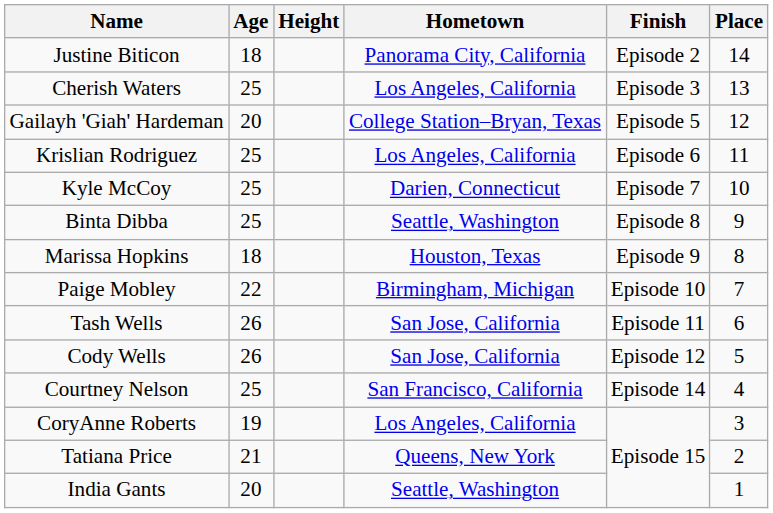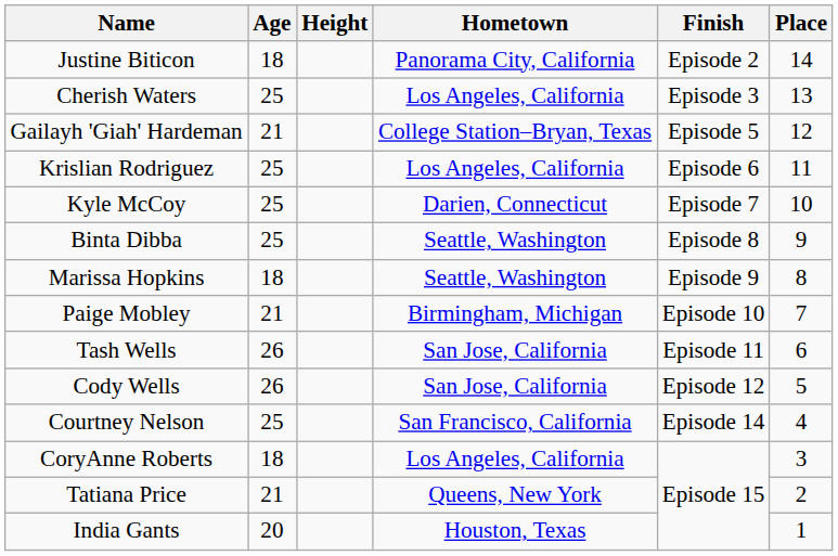 <table class="wikitable sortable" style="text-align:center;">
 <tr>
 <th>Name</th>
 <th>Age</th>
 <th>Height</th>
 <th>Hometown</th>
 <th>Finish</th>
 <th>Place</th>
 </tr>
 <tr>
 <td nowrap>Justine Biticon</td>
 <td>18</td>
 <td nowrap></td>
 <td><a href='#'>Panorama City, California</a></td>
 <td>Episode 2</td>
 <td>14</td>
 </tr>
 <tr>
 <td>Cherish Waters</td>
 <td>25</td>
 <td></td>
 <td><a href='#'>Los Angeles, California</a></td>
 <td>Episode 3</td>
 <td>13</td>
 </tr>
 <tr>
 <td>Gailayh 'Giah' Hardeman</td>
-<td>20</td>
+<td>21</td>
 <td></td>
 <td><a href='#'>College Station–Bryan, Texas</a></td>
 <td>Episode 5</td>
 <td>12</td>
 </tr>
 <tr>
 <td>Krislian Rodriguez</td>
 <td>25</td>
 <td></td>
 <td><a href='#'>Los Angeles, California</a></td>
 <td>Episode 6</td>
 <td>11</td>
 </tr>
 <tr>
 <td>Kyle McCoy</td>
 <td>25</td>
 <td></td>
 <td><a href='#'>Darien, Connecticut</a></td>
 <td>Episode 7</td>
 <td>10</td>
 </tr>
 <tr>
 <td>Binta Dibba</td>
 <td>25</td>
 <td></td>
 <td><a href='#'>Seattle, Washington</a></td>
 <td>Episode 8</td>
 <td>9</td>
 </tr>
 <tr>
 <td>Marissa Hopkins</td>
 <td>18</td>
 <td></td>
-<td><a href='#'>Houston, Texas</a></td>
+<td><a href='#'>Seattle, Washington</a></td>
 <td>Episode 9</td>
 <td>8</td>
 </tr>
 <tr>
 <td>Paige Mobley</td>
-<td>22</td>
+<td>21</td>
 <td nowrap></td>
 <td><a href='#'>Birmingham, Michigan</a></td>
 <td nowrap>Episode 10</td>
 <td>7</td>
 </tr>
 <tr>
 <td>Tash Wells</td>
 <td>26</td>
 <td></td>
 <td><a href='#'>San Jose, California</a></td>
 <td>Episode 11</td>
 <td>6</td>
 </tr>
 <tr>
 <td>Cody Wells</td>
 <td>26</td>
 <td></td>
 <td nowrap><a href='#'>San Jose, California</a></td>
 <td>Episode 12</td>
 <td>5</td>
 </tr>
 <tr>
 <td>Courtney Nelson</td>
 <td>25</td>
 <td></td>
 <td nowrap><a href='#'>San Francisco, California</a></td>
 <td>Episode 14</td>
 <td>4</td>
 </tr>
 <tr>
 <td>CoryAnne Roberts</td>
-<td>19</td>
+<td>18</td>
 <td></td>
 <td><a href='#'>Los Angeles, California</a></td>
 <td rowspan="3">Episode 15</td>
 <td>3</td>
 </tr>
 <tr>
 <td>Tatiana Price</td>
 <td>21</td>
 <td></td>
 <td><a href='#'>Queens, New York</a></td>
 <td>2</td>
 </tr>
 <tr>
 <td>India Gants</td>
 <td>20</td>
 <td></td>
-<td><a href='#'>Seattle, Washington</a></td>
+<td><a href='#'>Houston, Texas</a></td>
 <td>1</td>
 </tr>
 </table>
